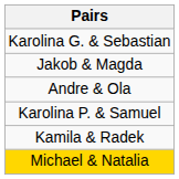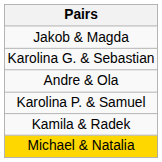 <table class="wikitable" style="text-align:center">
 <tr>
 <th>Pairs</th>
 </tr>
 <tr>
-<td>Karolina G. & Sebastian</td>
+<td>Jakob & Magda</td>
 </tr>
 <tr>
-<td>Jakob & Magda</td>
+<td>Karolina G. & Sebastian</td>
 </tr>
 <tr>
 <td>Andre & Ola</td>
 </tr>
 <tr>
 <td>Karolina P. & Samuel</td>
 </tr>
 <tr>
 <td>Kamila & Radek</td>
 </tr>
 <tr>
 <td style="background: gold;">Michael & Natalia</td>
 </tr>
 </table>
